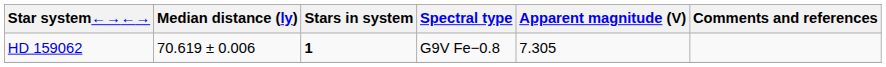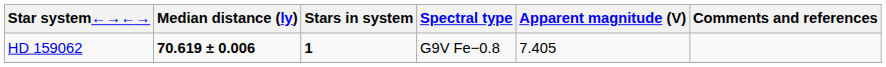 <table class="wikitable sortable" style="font-size:1.00em; line-height:1.5em; position:relative;">
 <tr>
 <th scope="col">Star system<span><a href='#'>←</a></span><span><a href='#'>→</a></span><span><a href='#'>←</a></span><span><a href='#'>→</a></span></th>
 <th scope="col">Median distance (<a href='#'>ly</a>)</th>
 <th scope="col">Stars in system</th>
 <th scope="col"><a href='#'>Spectral type</a></th>
 <th scope="col"><a href='#'>Apparent magnitude</a> (V)</th>
 <th scope="col">Comments and references</th>
 </tr>
 <tr>
 <td><a href='#'>HD 159062</a></td>
-<td>70.619 ± 0.006</td>
+<td><strong>70.619 ± 0.006</strong></td>
 <td><strong>1</strong></td>
 <td style="background: ">G9V Fe−0.8</td>
-<td>7.305</td>
+<td>7.405</td>
 <td></td>
 </tr>
 <tr>
 </tr>
 </table>
